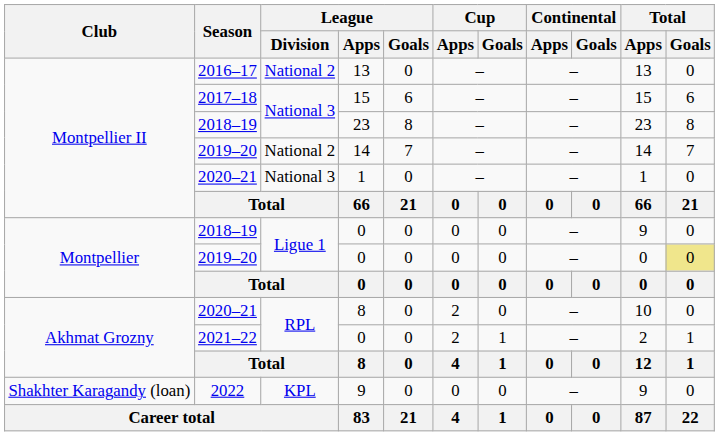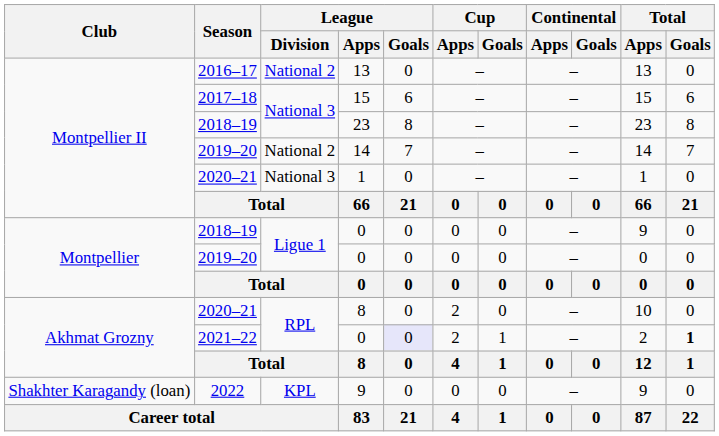 <table class="wikitable" style="text-align: center;">
 <tr>
 <th rowspan=2>Club</th>
 <th rowspan=2>Season</th>
 <th colspan=3>League</th>
 <th colspan=2>Cup</th>
 <th colspan=2>Continental</th>
 <th colspan=2>Total</th>
 </tr>
 <tr>
 <th>Division</th>
 <th>Apps</th>
 <th>Goals</th>
 <th>Apps</th>
 <th>Goals</th>
 <th>Apps</th>
 <th>Goals</th>
 <th>Apps</th>
 <th>Goals</th>
 </tr>
 <tr>
 <td rowspan="6"><a href='#'>Montpellier II</a></td>
 <td><a href='#'>2016–17</a></td>
 <td><a href='#'>National 2</a></td>
 <td>13</td>
 <td>0</td>
 <td colspan=2>–</td>
 <td colspan=2>–</td>
 <td>13</td>
 <td>0</td>
 </tr>
 <tr>
 <td><a href='#'>2017–18</a></td>
 <td rowspan="2"><a href='#'>National 3</a></td>
 <td>15</td>
 <td>6</td>
 <td colspan=2>–</td>
 <td colspan=2>–</td>
 <td>15</td>
 <td>6</td>
 </tr>
 <tr>
 <td><a href='#'>2018–19</a></td>
 <td>23</td>
 <td>8</td>
 <td colspan=2>–</td>
 <td colspan=2>–</td>
 <td>23</td>
 <td>8</td>
 </tr>
 <tr>
 <td><a href='#'>2019–20</a></td>
 <td>National 2</td>
 <td>14</td>
 <td>7</td>
 <td colspan=2>–</td>
 <td colspan=2>–</td>
 <td>14</td>
 <td>7</td>
 </tr>
 <tr>
 <td><a href='#'>2020–21</a></td>
 <td>National 3</td>
 <td>1</td>
 <td>0</td>
 <td colspan=2>–</td>
 <td colspan=2>–</td>
 <td>1</td>
 <td>0</td>
 </tr>
 <tr>
 <th colspan=2>Total</th>
 <th>66</th>
 <th>21</th>
 <th>0</th>
 <th>0</th>
 <th>0</th>
 <th>0</th>
 <th>66</th>
 <th>21</th>
 </tr>
 <tr>
 <td rowspan="3"><a href='#'>Montpellier</a></td>
 <td><a href='#'>2018–19</a></td>
 <td rowspan="2"><a href='#'>Ligue 1</a></td>
 <td>0</td>
 <td>0</td>
 <td>0</td>
 <td>0</td>
 <td colspan=2>–</td>
 <td>9</td>
 <td>0</td>
 </tr>
 <tr>
 <td><a href='#'>2019–20</a></td>
 <td>0</td>
 <td>0</td>
 <td>0</td>
 <td>0</td>
 <td colspan=2>–</td>
 <td>0</td>
-<td style="background: khaki;">0</td>
+<td>0</td>
 </tr>
 <tr>
 <th colspan=2>Total</th>
 <th>0</th>
 <th>0</th>
 <th>0</th>
 <th>0</th>
 <th>0</th>
 <th>0</th>
 <th>0</th>
 <th>0</th>
 </tr>
 <tr>
 <td rowspan="3"><a href='#'>Akhmat Grozny</a></td>
 <td><a href='#'>2020–21</a></td>
 <td rowspan="2"><a href='#'>RPL</a></td>
 <td>8</td>
 <td>0</td>
 <td>2</td>
 <td>0</td>
 <td colspan=2>–</td>
 <td>10</td>
 <td>0</td>
 </tr>
 <tr>
 <td><a href='#'>2021–22</a></td>
 <td>0</td>
-<td>0</td>
+<td style="background: lavender;">0</td>
 <td>2</td>
 <td>1</td>
 <td colspan=2>–</td>
 <td>2</td>
-<td>1</td>
+<td><strong>1</strong></td>
 </tr>
 <tr>
 <th colspan=2>Total</th>
 <th>8</th>
 <th>0</th>
 <th>4</th>
 <th>1</th>
 <th>0</th>
 <th>0</th>
 <th>12</th>
 <th>1</th>
 </tr>
 <tr>
 <td rowspan="1"><a href='#'>Shakhter Karagandy</a> (loan)</td>
 <td><a href='#'>2022</a></td>
 <td rowspan="1"><a href='#'>KPL</a></td>
 <td>9</td>
 <td>0</td>
 <td>0</td>
 <td>0</td>
 <td colspan=2>–</td>
 <td>9</td>
 <td>0</td>
 </tr>
 <tr>
 <th colspan=3>Career total</th>
 <th>83</th>
 <th>21</th>
 <th>4</th>
 <th>1</th>
 <th>0</th>
 <th>0</th>
 <th>87</th>
 <th>22</th>
 </tr>
 </table>
